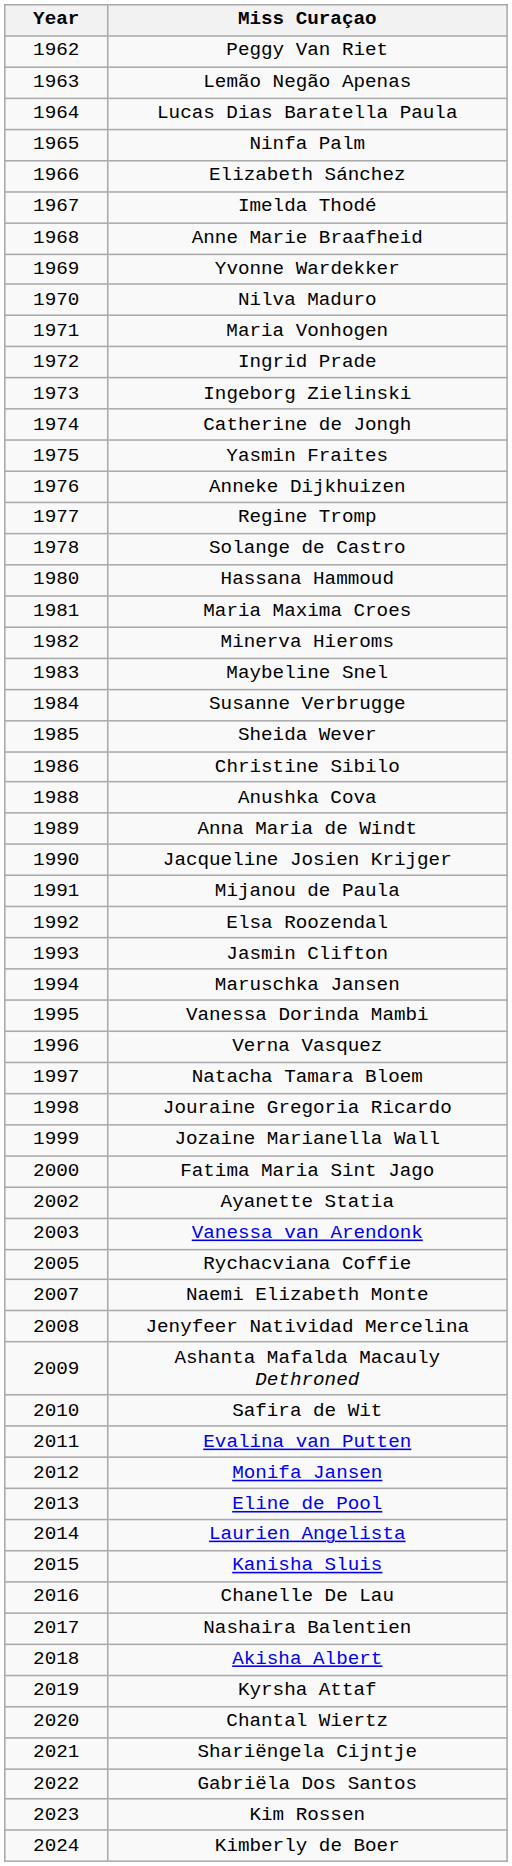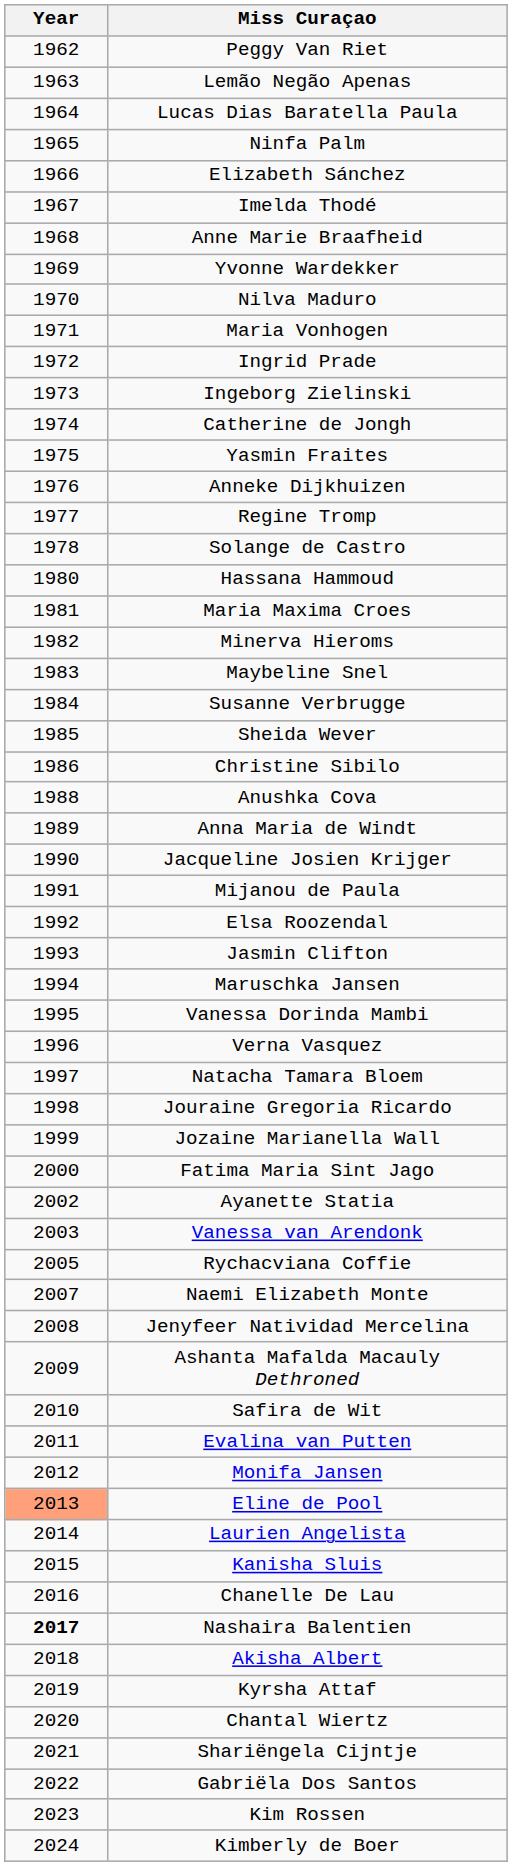 <table class="wikitable sortable" style="font-size: 95%; text-align:center">
 <tr>
 <th width="60">Year</th>
 <th width="250">Miss Curaçao</th>
 </tr>
 <tr>
 <td>1962</td>
 <td>Peggy Van Riet</td>
 </tr>
 <tr>
 <td>1963</td>
 <td>Lemão Negão Apenas</td>
 </tr>
 <tr>
 <td>1964</td>
 <td>Lucas Dias Baratella Paula</td>
 </tr>
 <tr>
 <td>1965</td>
 <td>Ninfa Palm</td>
 </tr>
 <tr>
 <td>1966</td>
 <td>Elizabeth Sánchez</td>
 </tr>
 <tr>
 <td>1967</td>
 <td>Imelda Thodé</td>
 </tr>
 <tr>
 <td>1968</td>
 <td>Anne Marie Braafheid</td>
 </tr>
 <tr>
 <td>1969</td>
 <td>Yvonne Wardekker</td>
 </tr>
 <tr>
 <td>1970</td>
 <td>Nilva Maduro</td>
 </tr>
 <tr>
 <td>1971</td>
 <td>Maria Vonhogen</td>
 </tr>
 <tr>
 <td>1972</td>
 <td>Ingrid Prade</td>
 </tr>
 <tr>
 <td>1973</td>
 <td>Ingeborg Zielinski</td>
 </tr>
 <tr>
 <td>1974</td>
 <td>Catherine de Jongh</td>
 </tr>
 <tr>
 <td>1975</td>
 <td>Yasmin Fraites</td>
 </tr>
 <tr>
 <td>1976</td>
 <td>Anneke Dijkhuizen</td>
 </tr>
 <tr>
 <td>1977</td>
 <td>Regine Tromp</td>
 </tr>
 <tr>
 <td>1978</td>
 <td>Solange de Castro</td>
 </tr>
 <tr>
 <td>1980</td>
 <td>Hassana Hammoud</td>
 </tr>
 <tr>
 <td>1981</td>
 <td>Maria Maxima Croes</td>
 </tr>
 <tr>
 <td>1982</td>
 <td>Minerva Hieroms</td>
 </tr>
 <tr>
 <td>1983</td>
 <td>Maybeline Snel</td>
 </tr>
 <tr>
 <td>1984</td>
 <td>Susanne Verbrugge</td>
 </tr>
 <tr>
 <td>1985</td>
 <td>Sheida Wever</td>
 </tr>
 <tr>
 <td>1986</td>
 <td>Christine Sibilo</td>
 </tr>
 <tr>
 <td>1988</td>
 <td>Anushka Cova</td>
 </tr>
 <tr>
 <td>1989</td>
 <td>Anna Maria de Windt</td>
 </tr>
 <tr>
 <td>1990</td>
 <td>Jacqueline Josien Krijger</td>
 </tr>
 <tr>
 <td>1991</td>
 <td>Mijanou de Paula</td>
 </tr>
 <tr>
 <td>1992</td>
 <td>Elsa Roozendal</td>
 </tr>
 <tr>
 <td>1993</td>
 <td>Jasmin Clifton</td>
 </tr>
 <tr>
 <td>1994</td>
 <td>Maruschka Jansen</td>
 </tr>
 <tr>
 <td>1995</td>
 <td>Vanessa Dorinda Mambi</td>
 </tr>
 <tr>
 <td>1996</td>
 <td>Verna Vasquez</td>
 </tr>
 <tr>
 <td>1997</td>
 <td>Natacha Tamara Bloem</td>
 </tr>
 <tr>
 <td>1998</td>
 <td>Jouraine Gregoria Ricardo</td>
 </tr>
 <tr>
 <td>1999</td>
 <td>Jozaine Marianella Wall</td>
 </tr>
 <tr>
 <td>2000</td>
 <td>Fatima Maria Sint Jago</td>
 </tr>
 <tr>
 <td>2002</td>
 <td>Ayanette Statia</td>
 </tr>
 <tr>
 <td>2003</td>
 <td><a href='#'>Vanessa van Arendonk</a></td>
 </tr>
 <tr>
 <td>2005</td>
 <td>Rychacviana Coffie</td>
 </tr>
 <tr>
 <td>2007</td>
 <td>Naemi Elizabeth Monte</td>
 </tr>
 <tr>
 <td>2008</td>
 <td>Jenyfeer Natividad Mercelina</td>
 </tr>
 <tr>
 <td>2009</td>
 <td>Ashanta Mafalda Macauly<br><em>Dethroned</em></td>
 </tr>
 <tr>
 <td>2010</td>
 <td>Safira de Wit</td>
 </tr>
 <tr>
 <td>2011</td>
 <td><a href='#'>Evalina van Putten</a></td>
 </tr>
 <tr>
 <td>2012</td>
 <td><a href='#'>Monifa Jansen</a></td>
 </tr>
 <tr>
-<td>2013</td>
+<td style="background: lightsalmon;">2013</td>
 <td><a href='#'>Eline de Pool</a></td>
 </tr>
 <tr>
 <td>2014</td>
 <td><a href='#'>Laurien Angelista</a></td>
 </tr>
 <tr>
 <td>2015</td>
 <td><a href='#'>Kanisha Sluis</a></td>
 </tr>
 <tr>
 <td>2016</td>
 <td>Chanelle De Lau</td>
 </tr>
 <tr>
-<td>2017</td>
+<td><strong>2017</strong></td>
 <td>Nashaira Balentien</td>
 </tr>
 <tr>
 <td>2018</td>
 <td><a href='#'>Akisha Albert</a></td>
 </tr>
 <tr>
 <td>2019</td>
 <td>Kyrsha Attaf</td>
 </tr>
 <tr>
 <td>2020</td>
 <td>Chantal Wiertz</td>
 </tr>
 <tr>
 <td>2021</td>
 <td>Shariëngela Cijntje</td>
 </tr>
 <tr>
 <td>2022</td>
 <td>Gabriëla Dos Santos</td>
 </tr>
 <tr>
 <td>2023</td>
 <td>Kim Rossen</td>
 </tr>
 <tr>
 <td>2024</td>
 <td>Kimberly de Boer</td>
 </tr>
 </table>
